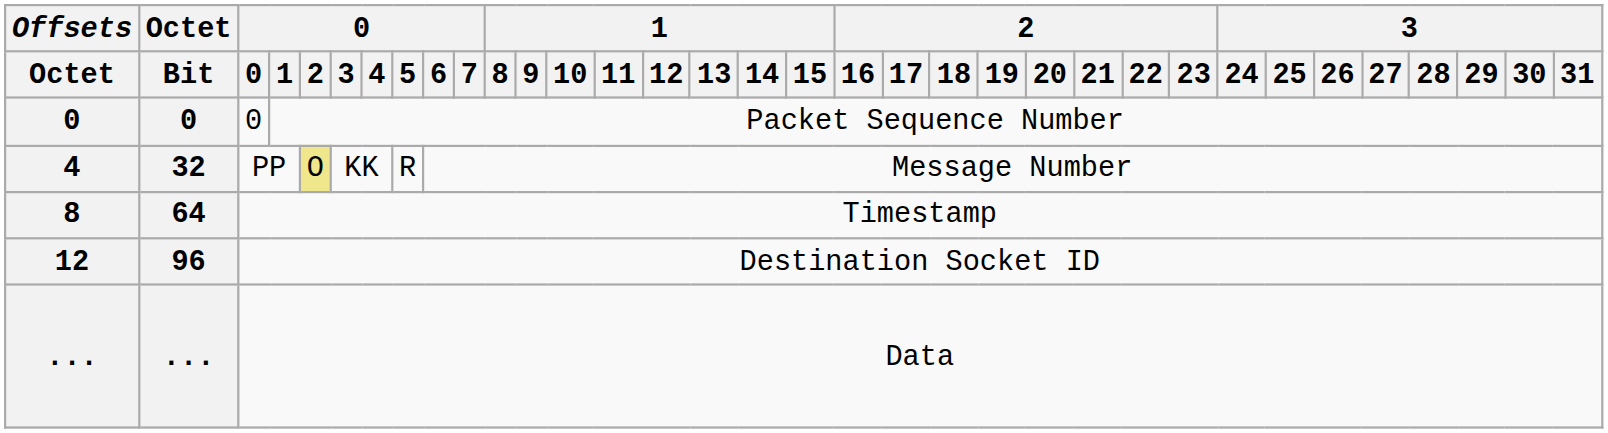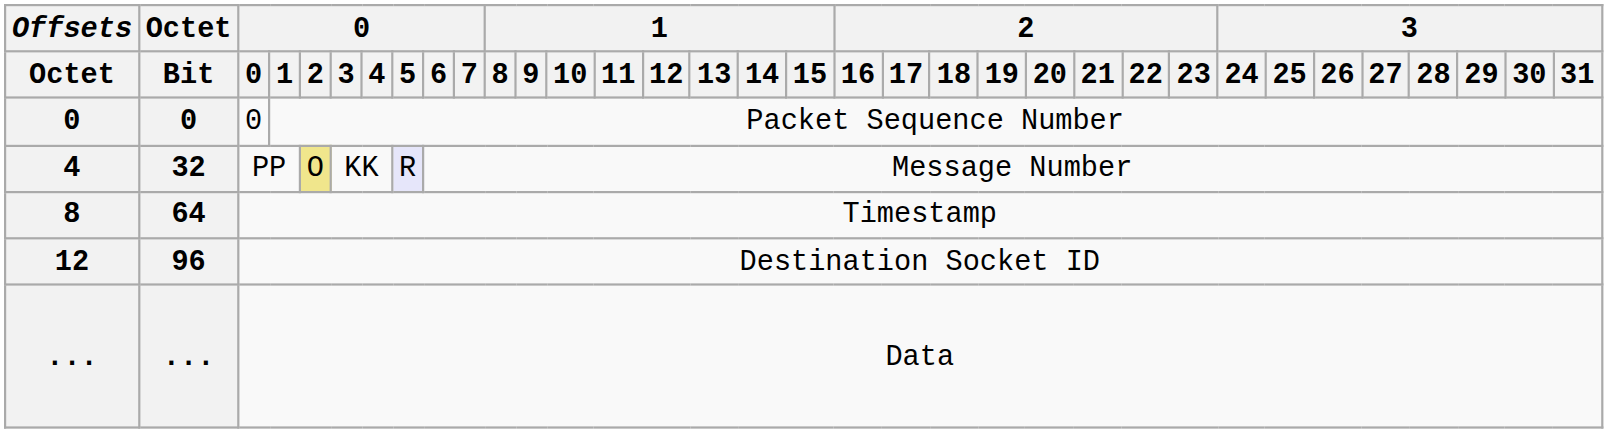 <table class="wikitable" style="text-align:center">
 <tr>
 <th><em>Offsets</em></th>
 <th>Octet</th>
 <th colspan="8">0</th>
 <th colspan="8">1</th>
 <th colspan="8">2</th>
 <th colspan="8">3</th>
 </tr>
 <tr>
 <th>Octet</th>
 <th>Bit</th>
 <th>0</th>
 <th>1</th>
 <th colspan="1">2</th>
 <th colspan="1">3</th>
 <th>4</th>
 <th>5</th>
 <th>6</th>
 <th>7</th>
 <th colspan="1">8</th>
 <th>9</th>
 <th>10</th>
 <th>11</th>
 <th>12</th>
 <th>13</th>
 <th>14</th>
 <th>15</th>
 <th>16</th>
 <th>17</th>
 <th>18</th>
 <th>19</th>
 <th>20</th>
 <th>21</th>
 <th>22</th>
 <th>23</th>
 <th>24</th>
 <th>25</th>
 <th>26</th>
 <th>27</th>
 <th>28</th>
 <th>29</th>
 <th>30</th>
 <th>31</th>
 </tr>
 <tr align="center">
 <th>0</th>
 <th>0</th>
 <td colspan="1">0</td>
 <td colspan="31">Packet Sequence Number</td>
 </tr>
 <tr align="center">
 <th>4</th>
 <th>32</th>
 <td colspan="2">PP</td>
 <td style="background: khaki;">O</td>
 <td colspan="2">KK</td>
-<td>R</td>
+<td style="background: lavender;">R</td>
 <td colspan="26">Message Number</td>
 </tr>
 <tr align="center">
 <th>8</th>
 <th>64</th>
 <td colspan="32">Timestamp</td>
 </tr>
 <tr align="center">
 <th>12</th>
 <th>96</th>
 <td colspan="32">Destination Socket ID</td>
 </tr>
 <tr align="center" style="height: 5em;">
 <th>...</th>
 <th>...</th>
 <td colspan="32">Data</td>
 </tr>
 </table>
